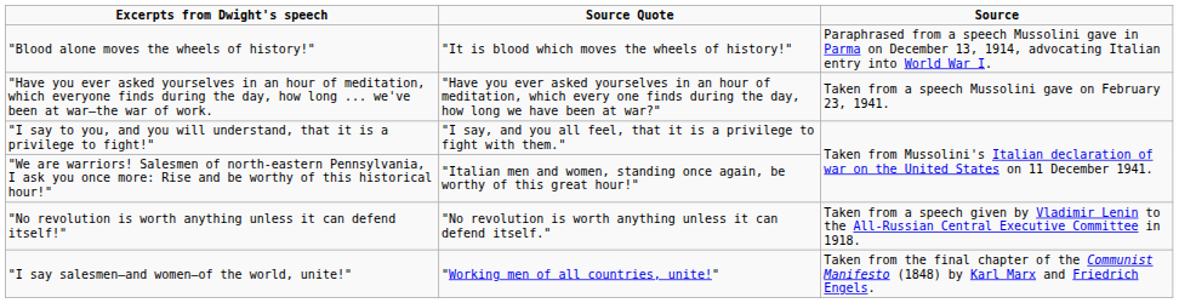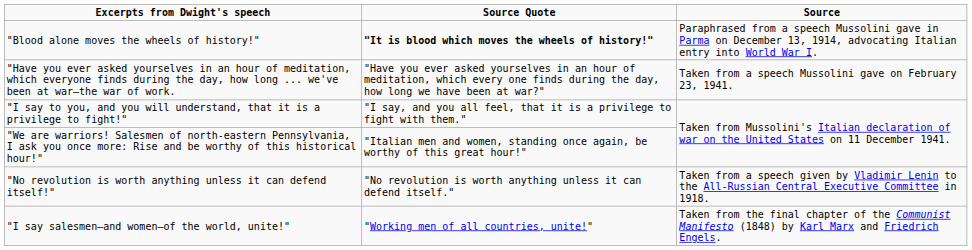 <table class="wikitable mw-collapsible mw-collapsed">
 <tr>
 <td style="text-align: center;"><strong>Excerpts from Dwight's speech</strong></td>
 <td style="text-align: center;"><strong>Source Quote</strong></td>
 <td style="text-align: center;"><strong>Source</strong></td>
 </tr>
 <tr>
 <td>"Blood alone moves the wheels of history!"</td>
-<td>"It is blood which moves the wheels of history!"</td>
+<td><strong>"It is blood which moves the wheels of history!"</strong></td>
 <td>Paraphrased from a speech Mussolini gave in <a href='#'>Parma</a> on December 13, 1914, advocating Italian entry into <a href='#'>World War I</a>.</td>
 </tr>
 <tr>
 <td>"Have you ever asked yourselves in an hour of meditation, which everyone finds during the day, how long ... we've been at war—the war of work.</td>
 <td>"Have you ever asked yourselves in an hour of meditation, which every one finds during the day, how long we have been at war?"</td>
 <td>Taken from a speech Mussolini gave on February 23, 1941.</td>
 </tr>
 <tr>
 <td>"I say to you, and you will understand, that it is a privilege to fight!"</td>
 <td>"I say, and you all feel, that it is a privilege to fight with them."</td>
 <td rowspan="2">Taken from Mussolini's <a href='#'>Italian declaration of war on the United States</a> on 11 December 1941.</td>
 </tr>
 <tr>
 <td>"We are warriors! Salesmen of north-eastern Pennsylvania, I ask you once more: Rise and be worthy of this historical hour!"</td>
 <td>"Italian men and women, standing once again, be worthy of this great hour!"</td>
 </tr>
 <tr>
 <td>"No revolution is worth anything unless it can defend itself!"</td>
 <td>"No revolution is worth anything unless it can defend itself."</td>
 <td>Taken from a speech given by <a href='#'>Vladimir Lenin</a> to the <a href='#'>All-Russian Central Executive Committee</a> in 1918.</td>
 </tr>
 <tr>
 <td>"I say salesmen—and women—of the world, unite!"</td>
 <td>"<a href='#'>Working men of all countries, unite!</a>"</td>
 <td>Taken from the final chapter of the <em><a href='#'>Communist Manifesto</a></em> (1848) by <a href='#'>Karl Marx</a> and <a href='#'>Friedrich Engels</a>.</td>
 </tr>
 </table>
